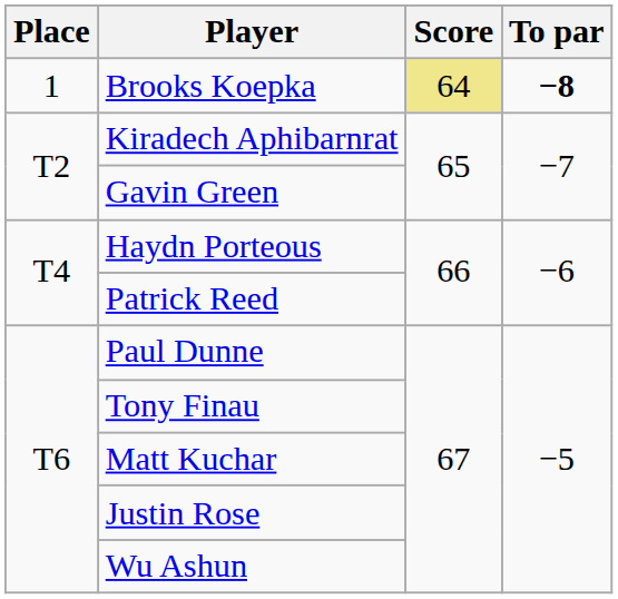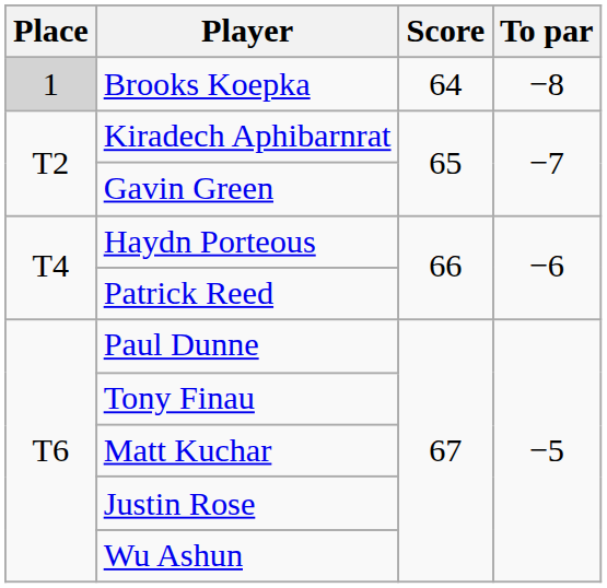 <table class="wikitable">
 <tr>
 <th>Place</th>
 <th>Player</th>
 <th>Score</th>
 <th>To par</th>
 </tr>
 <tr>
-<td align=center>1</td>
+<td align=center style="background: lightgrey;">1</td>
 <td> <a href='#'>Brooks Koepka</a></td>
-<td align=center style="background: khaki;">64</td>
-<td align=center><strong>−8</strong></td>
+<td align=center>64</td>
+<td align=center>−8</td>
 </tr>
 <tr>
 <td rowspan=2 align=center>T2</td>
 <td> <a href='#'>Kiradech Aphibarnrat</a></td>
 <td rowspan=2 align=center>65</td>
 <td rowspan=2 align=center>−7</td>
 </tr>
 <tr>
 <td> <a href='#'>Gavin Green</a></td>
 </tr>
 <tr>
 <td rowspan=2 align=center>T4</td>
 <td> <a href='#'>Haydn Porteous</a></td>
 <td rowspan=2 align=center>66</td>
 <td rowspan=2 align=center>−6</td>
 </tr>
 <tr>
 <td> <a href='#'>Patrick Reed</a></td>
 </tr>
 <tr>
 <td rowspan=5 align=center>T6</td>
 <td> <a href='#'>Paul Dunne</a></td>
 <td rowspan=5 align=center>67</td>
 <td rowspan=5 align=center>−5</td>
 </tr>
 <tr>
 <td> <a href='#'>Tony Finau</a></td>
 </tr>
 <tr>
 <td> <a href='#'>Matt Kuchar</a></td>
 </tr>
 <tr>
 <td> <a href='#'>Justin Rose</a></td>
 </tr>
 <tr>
 <td> <a href='#'>Wu Ashun</a></td>
 </tr>
 </table>
